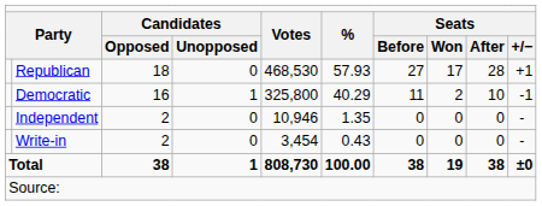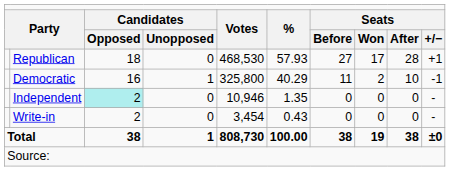 <table class="wikitable">
 <tr>
 <td colspan="12" style="text-align:center;"></td>
 </tr>
 <tr>
 <th colspan="2" rowspan="2">Party</th>
 <th colspan="2">Candidates</th>
 <th rowspan="2">Votes</th>
 <th rowspan="2">%</th>
 <th colspan="4">Seats</th>
 </tr>
 <tr>
 <th>Opposed</th>
 <th>Unopposed</th>
 <th>Before</th>
 <th>Won</th>
 <th>After</th>
 <th>+/−</th>
 </tr>
 <tr>
 <td style="background-color:"></td>
 <td><a href='#'>Republican</a></td>
 <td style="text-align:right;">18</td>
 <td style="text-align:right;">0</td>
 <td style="text-align:right;">468,530</td>
 <td style="text-align:right;">57.93</td>
 <td style="text-align:right;">27</td>
 <td style="text-align:right;">17</td>
 <td style="text-align:right;">28</td>
 <td style="text-align:right;">+1</td>
 </tr>
 <tr>
 <td style="background-color:"></td>
 <td><a href='#'>Democratic</a></td>
 <td style="text-align:right;">16</td>
 <td style="text-align:right;">1</td>
 <td style="text-align:right;">325,800</td>
 <td style="text-align:right;">40.29</td>
 <td style="text-align:right;">11</td>
 <td style="text-align:right;">2</td>
 <td style="text-align:right;">10</td>
 <td style="text-align:right;">-1</td>
 </tr>
 <tr>
 <td style="background-color:"></td>
 <td><a href='#'>Independent</a></td>
-<td style="text-align:right;">2</td>
+<td style="background: paleturquoise; text-align:right;">2</td>
 <td style="text-align:right;">0</td>
 <td style="text-align:right;">10,946</td>
 <td style="text-align:right;">1.35</td>
 <td style="text-align:right;">0</td>
 <td style="text-align:right;">0</td>
 <td style="text-align:right;">0</td>
 <td style="text-align:center;">-</td>
 </tr>
 <tr>
 <td style="background-color:"></td>
 <td><a href='#'>Write-in</a></td>
 <td style="text-align:right;">2</td>
 <td style="text-align:right;">0</td>
 <td style="text-align:right;">3,454</td>
 <td style="text-align:right;">0.43</td>
 <td style="text-align:right;">0</td>
 <td style="text-align:right;">0</td>
 <td style="text-align:right;">0</td>
 <td style="text-align:center;">-</td>
 </tr>
 <tr>
 <td colspan="2"><strong>Total</strong></td>
 <td style="text-align:right;"><strong>38</strong></td>
 <td style="text-align:right;"><strong>1</strong></td>
 <td style="text-align:right;"><strong>808,730</strong></td>
 <td style="text-align:right;"><strong>100.00</strong></td>
 <td style="text-align:right;"><strong>38</strong></td>
 <td style="text-align:right;"><strong>19</strong></td>
 <td style="text-align:right;"><strong>38</strong></td>
 <td style="text-align:right;"><strong>±0</strong></td>
 </tr>
 <tr>
 <td colspan="10">Source: <em></em></td>
 </tr>
 </table>
